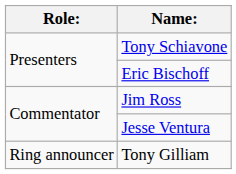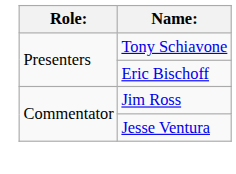 <table class=wikitable style="font-size:90%; margin: 0.5em 0 0.5em 1em; float: right; clear: right;">
 <tr>
 <th>Role:</th>
 <th>Name:</th>
 </tr>
 <tr>
 <td rowspan=2>Presenters</td>
 <td><a href='#'>Tony Schiavone</a></td>
 </tr>
 <tr>
 <td><a href='#'>Eric Bischoff</a></td>
 </tr>
 <tr>
 <td rowspan=2>Commentator</td>
 <td><a href='#'>Jim Ross</a></td>
 </tr>
 <tr>
 <td><a href='#'>Jesse Ventura</a></td>
 </tr>
-<tr>
-<td>Ring announcer</td>
-<td>Tony Gilliam</td>
-</tr>
 </table>
